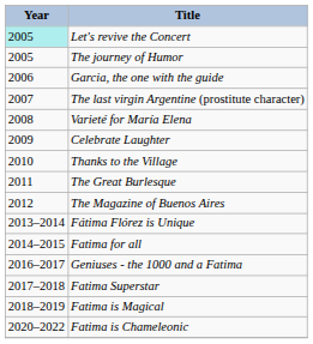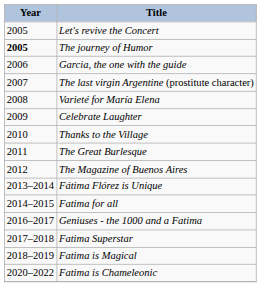 <table class="wikitable" style="font-size: 90%;">
 <tr>
 <th style="background:#B0C4DE;">Year</th>
 <th style="background:#B0C4DE;">Title</th>
 </tr>
 <tr>
-<td style="background: paleturquoise;">2005</td>
+<td>2005</td>
 <td><em>Let's revive the Concert</em></td>
 </tr>
 <tr>
-<td>2005</td>
+<td><strong>2005</strong></td>
 <td><em>The journey of Humor</em></td>
 </tr>
 <tr>
 <td>2006</td>
 <td><em>Garcia, the one with the guide</em></td>
 </tr>
 <tr>
 <td>2007</td>
 <td><em>The last virgin Argentine</em> (prostitute character)</td>
 </tr>
 <tr>
 <td>2008</td>
 <td><em>Varieté for María Elena</em></td>
 </tr>
 <tr>
 <td>2009</td>
 <td><em>Celebrate Laughter</em></td>
 </tr>
 <tr>
 <td>2010</td>
 <td><em>Thanks to the Village</em></td>
 </tr>
 <tr>
 <td>2011</td>
 <td><em>The Great Burlesque</em></td>
 </tr>
 <tr>
 <td>2012</td>
 <td><em>The Magazine of Buenos Aires</em></td>
 </tr>
 <tr>
 <td>2013–2014</td>
 <td><em>Fátima Flórez is Unique</em></td>
 </tr>
 <tr>
 <td>2014–2015</td>
 <td><em>Fatima for all</em></td>
 </tr>
 <tr>
 <td>2016–2017</td>
 <td><em>Geniuses - the 1000 and a Fatima</em></td>
 </tr>
 <tr>
 <td>2017–2018</td>
 <td><em>Fatima Superstar</em></td>
 </tr>
 <tr>
 <td>2018–2019</td>
 <td><em>Fatima is Magical</em></td>
 </tr>
 <tr>
 <td>2020–2022</td>
 <td><em>Fatima is Chameleonic</em></td>
 </tr>
 <tr>
 </tr>
 </table>
